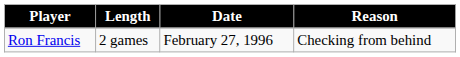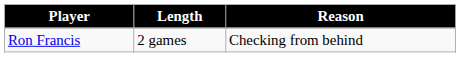 <table class="wikitable" width=55%;>
 <tr>
 <th style="color:white; background:#000000; ">Player</th>
 <th style="color:white; background:#000000; ">Length</th>
-<th style="color:white; background:#000000; ">Date</th>
 <th style="color:white; background:#000000; ">Reason</th>
 </tr>
 <tr>
 <td><a href='#'>Ron Francis</a></td>
 <td>2 games</td>
-<td>February 27, 1996</td>
 <td>Checking from behind</td>
 </tr>
 </table>
